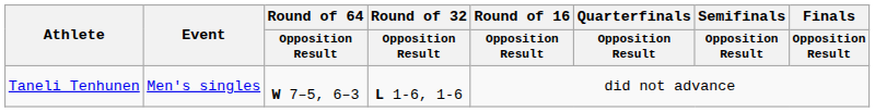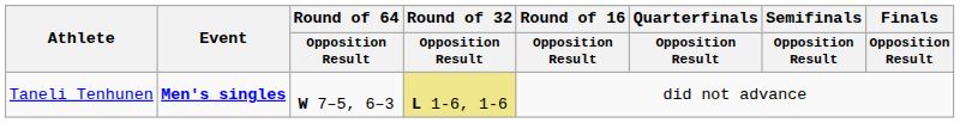 <table class=wikitable style="font-size:90%">
 <tr>
 <th rowspan="2">Athlete</th>
 <th rowspan="2">Event</th>
 <th>Round of 64</th>
 <th>Round of 32</th>
 <th>Round of 16</th>
 <th>Quarterfinals</th>
 <th>Semifinals</th>
 <th>Finals</th>
 </tr>
 <tr>
 <th style="line-height:1em"><small>Opposition<br>Result</small></th>
 <th style="line-height:1em"><small>Opposition<br>Result</small></th>
 <th style="line-height:1em"><small>Opposition<br>Result</small></th>
 <th style="line-height:1em"><small>Opposition<br>Result</small></th>
 <th style="line-height:1em"><small>Opposition<br>Result</small></th>
 <th style="line-height:1em"><small>Opposition<br>Result</small></th>
 </tr>
 <tr>
 <td><a href='#'>Taneli Tenhunen</a></td>
-<td><a href='#'>Men's singles</a></td>
+<td><strong><a href='#'>Men's singles</a></strong></td>
 <td style="text-align:center;"><br><strong>W</strong> 7–5, 6–3</td>
-<td style="text-align:center;"><br><strong>L</strong> 1-6, 1-6</td>
+<td style="background: khaki; text-align:center;"><br><strong>L</strong> 1-6, 1-6</td>
 <td style="text-align:center;" colspan="4">did not advance</td>
 </tr>
 </table>
